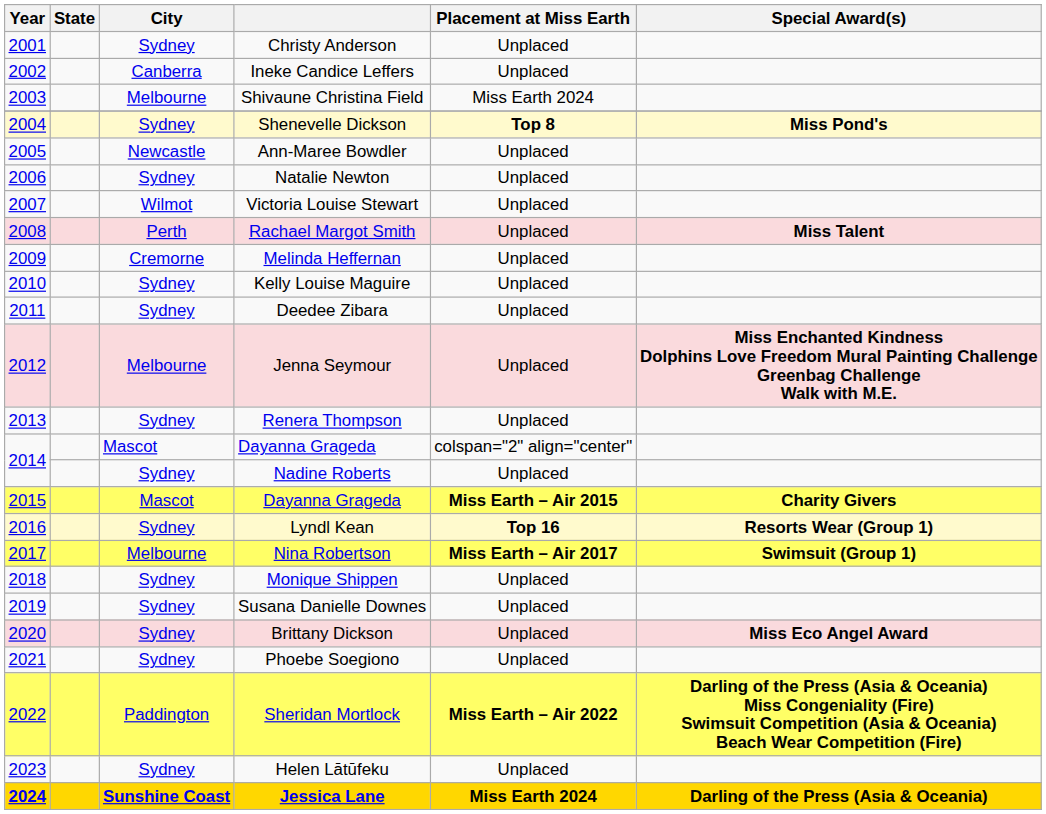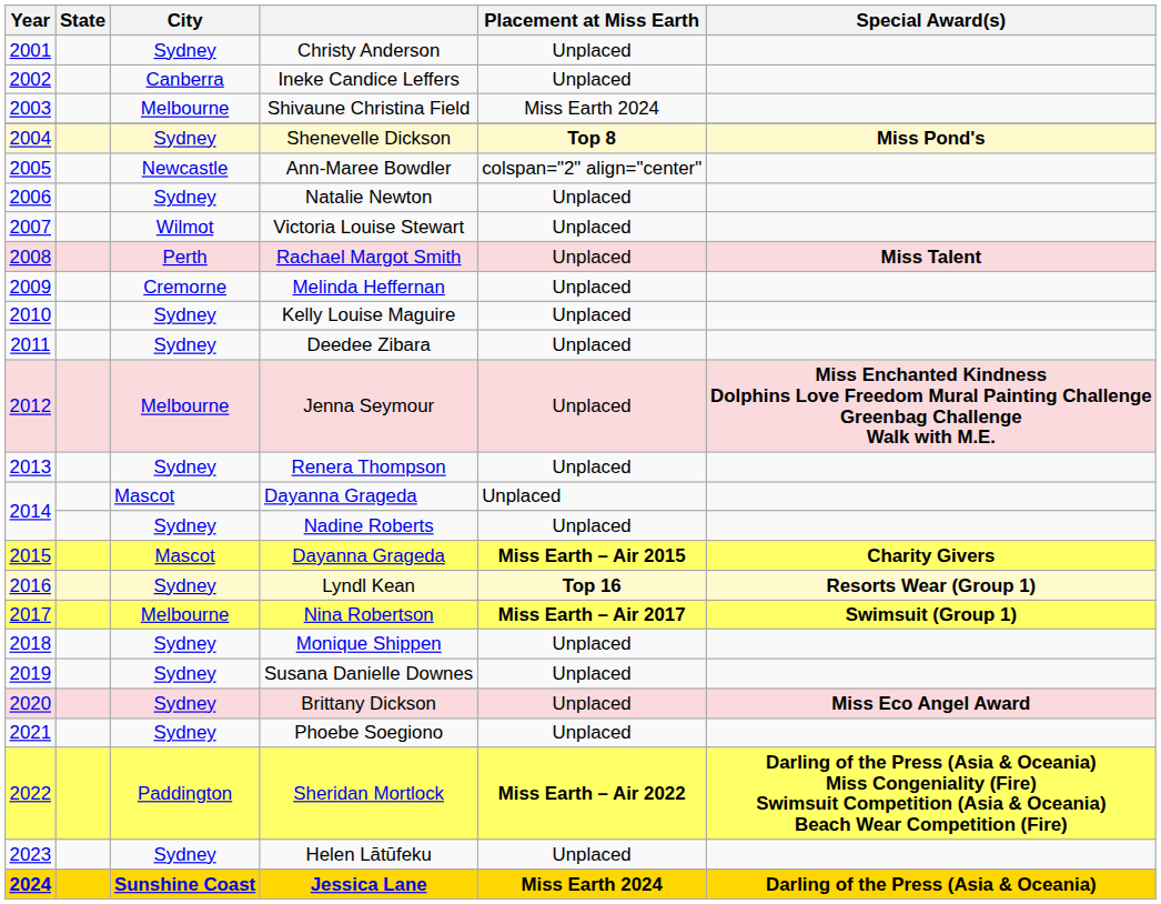 <table class="wikitable " style="font-size: 90%; text-align:center;">
 <tr>
 <th>Year</th>
 <th>State</th>
 <th>City</th>
 <th></th>
 <th>Placement at Miss Earth</th>
 <th>Special Award(s)</th>
 </tr>
 <tr>
 <td><a href='#'>2001</a></td>
 <td></td>
 <td><a href='#'>Sydney</a></td>
 <td>Christy Anderson</td>
 <td>Unplaced</td>
 <td></td>
 </tr>
 <tr>
 <td><a href='#'>2002</a></td>
 <td></td>
 <td><a href='#'>Canberra</a></td>
 <td>Ineke Candice Leffers</td>
 <td>Unplaced</td>
 <td></td>
 </tr>
 <tr>
 <td><a href='#'>2003</a></td>
 <td></td>
 <td><a href='#'>Melbourne</a></td>
 <td>Shivaune Christina Field</td>
 <td>Miss Earth 2024</td>
 <td></td>
 </tr>
 <tr>
 </tr>
 <tr style="background-color:#FFFACD;">
 <td><a href='#'>2004</a></td>
 <td></td>
 <td><a href='#'>Sydney</a></td>
 <td>Shenevelle Dickson</td>
 <td><strong>Top 8</strong></td>
 <td><strong>Miss Pond's</strong></td>
 </tr>
 <tr>
 <td><a href='#'>2005</a></td>
 <td></td>
 <td><a href='#'>Newcastle</a></td>
 <td>Ann-Maree Bowdler</td>
-<td>Unplaced</td>
+<td>colspan="2" align="center" </td>
 <td></td>
 </tr>
 <tr>
 <td><a href='#'>2006</a></td>
 <td></td>
 <td><a href='#'>Sydney</a></td>
 <td>Natalie Newton</td>
 <td>Unplaced</td>
 <td></td>
 </tr>
 <tr>
 <td><a href='#'>2007</a></td>
 <td></td>
 <td><a href='#'>Wilmot</a></td>
 <td>Victoria Louise Stewart</td>
 <td>Unplaced</td>
 <td></td>
 </tr>
 <tr style="background-color:#FADADD; ">
 <td><a href='#'>2008</a></td>
 <td></td>
 <td><a href='#'>Perth</a></td>
 <td><a href='#'>Rachael Margot Smith</a></td>
 <td>Unplaced</td>
 <td><strong>Miss Talent</strong></td>
 </tr>
 <tr>
 <td><a href='#'>2009</a></td>
 <td></td>
 <td><a href='#'>Cremorne</a></td>
 <td><a href='#'>Melinda Heffernan</a></td>
 <td>Unplaced</td>
 <td></td>
 </tr>
 <tr>
 <td><a href='#'>2010</a></td>
 <td></td>
 <td><a href='#'>Sydney</a></td>
 <td>Kelly Louise Maguire</td>
 <td>Unplaced</td>
 <td></td>
 </tr>
 <tr>
 <td><a href='#'>2011</a></td>
 <td></td>
 <td><a href='#'>Sydney</a></td>
 <td>Deedee Zibara</td>
 <td>Unplaced</td>
 <td></td>
 </tr>
 <tr style="background-color:#FADADD; ">
 <td><a href='#'>2012</a></td>
 <td></td>
 <td><a href='#'>Melbourne</a></td>
 <td>Jenna Seymour</td>
 <td>Unplaced</td>
 <td><strong>Miss Enchanted Kindness<br> Dolphins Love Freedom Mural Painting Challenge<br> Greenbag Challenge<br> Walk with M.E.</strong></td>
 </tr>
 <tr>
 <td><a href='#'>2013</a></td>
 <td></td>
 <td><a href='#'>Sydney</a></td>
 <td><a href='#'>Renera Thompson</a></td>
 <td>Unplaced</td>
 <td></td>
 </tr>
 <tr style="text-align:left;">
 <td rowspan=2><a href='#'>2014</a></td>
 <td></td>
 <td><a href='#'>Mascot</a></td>
 <td><a href='#'>Dayanna Grageda</a></td>
-<td>colspan="2" align="center" </td>
+<td>Unplaced</td>
 </tr>
 <tr>
 <td></td>
 <td><a href='#'>Sydney</a></td>
 <td><a href='#'>Nadine Roberts</a></td>
 <td>Unplaced</td>
 <td></td>
 </tr>
 <tr style="background-color:#FFFF66;">
 <td><a href='#'>2015</a></td>
 <td></td>
 <td><a href='#'>Mascot</a></td>
 <td><a href='#'>Dayanna Grageda</a></td>
 <td><strong>Miss Earth – Air 2015</strong></td>
 <td><strong> Charity Givers</strong></td>
 </tr>
 <tr style="background-color:#FFFACD;">
 <td><a href='#'>2016</a></td>
 <td></td>
 <td><a href='#'>Sydney</a></td>
 <td>Lyndl Kean</td>
 <td><strong>Top 16</strong></td>
 <td><strong> Resorts Wear (Group 1)</strong></td>
 </tr>
 <tr style="background-color:#FFFF66;">
 <td><a href='#'>2017</a></td>
 <td></td>
 <td><a href='#'>Melbourne</a></td>
 <td><a href='#'>Nina Robertson</a></td>
 <td><strong>Miss Earth – Air 2017</strong></td>
 <td><strong> Swimsuit (Group 1)</strong></td>
 </tr>
 <tr>
 <td><a href='#'>2018</a></td>
 <td></td>
 <td><a href='#'>Sydney</a></td>
 <td><a href='#'>Monique Shippen</a></td>
 <td>Unplaced</td>
 <td></td>
 </tr>
 <tr>
 <td><a href='#'>2019</a></td>
 <td></td>
 <td><a href='#'>Sydney</a></td>
 <td>Susana Danielle Downes</td>
 <td>Unplaced</td>
 <td></td>
 </tr>
 <tr style="background-color:#FADADD; ">
 <td><a href='#'>2020</a></td>
 <td></td>
 <td><a href='#'>Sydney</a></td>
 <td>Brittany Dickson</td>
 <td>Unplaced</td>
 <td><strong>Miss Eco Angel Award</strong></td>
 </tr>
 <tr>
 <td><a href='#'>2021</a></td>
 <td></td>
 <td><a href='#'>Sydney</a></td>
 <td>Phoebe Soegiono</td>
 <td>Unplaced</td>
 <td></td>
 </tr>
 <tr style="background-color:#FFFF66">
 <td><a href='#'>2022</a></td>
 <td></td>
 <td><a href='#'>Paddington</a></td>
 <td><a href='#'>Sheridan Mortlock</a></td>
 <td><strong>Miss Earth – Air 2022</strong></td>
 <td><strong>Darling of the Press (Asia & Oceania)</strong> <br> <strong>Miss Congeniality (Fire)</strong> <br> <strong> Swimsuit Competition (Asia & Oceania)</strong> <br> <strong> Beach Wear Competition (Fire)</strong></td>
 </tr>
 <tr>
 <td><a href='#'>2023</a></td>
 <td></td>
 <td><a href='#'>Sydney</a></td>
 <td>Helen Lātūfeku</td>
 <td>Unplaced</td>
 <td></td>
 </tr>
 <tr style="background-color:gold; font-weight: bold">
 <td><a href='#'>2024</a></td>
 <td></td>
 <td><a href='#'>Sunshine Coast</a></td>
 <td><a href='#'>Jessica Lane</a></td>
 <td>Miss Earth 2024</td>
 <td>Darling of the Press (Asia & Oceania)</td>
 </tr>
 <tr>
 </tr>
 </table>
